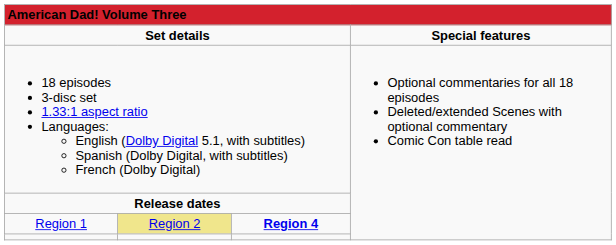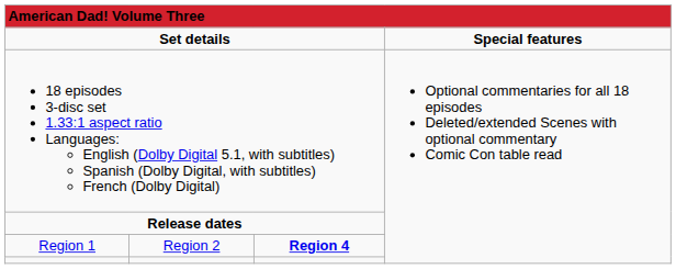 <table class="wikitable" style="font-size: 95%;">
 <tr>
 <td colspan="5" style="background-color: #D3212D;"><strong>American Dad! Volume Three</strong></td>
 </tr>
 <tr valign="top">
 <td align="center" width="300" colspan="3"><strong>Set details</strong></td>
 <td width="300" align="center"><strong>Special features</strong></td>
 </tr>
 <tr valign="top">
 <td colspan="3" align="left" width="400"><br><ul><li>18 episodes</li><li>3-disc set</li><li><a href='#'>1.33:1 aspect ratio</a></li><li>Languages:<ul><li>English (<a href='#'>Dolby Digital</a> 5.1, with subtitles)</li><li>Spanish (Dolby Digital, with subtitles)</li><li>French (Dolby Digital)</li></ul></li></ul></td>
 <td rowspan="4" align="left" width="300"><br><ul><li>Optional commentaries for all 18 episodes</li><li>Deleted/extended Scenes with optional commentary</li><li>Comic Con table read</li></ul></td>
 </tr>
 <tr>
 <td colspan="3" align="center"><strong>Release dates</strong></td>
 </tr>
 <tr>
 <td align="center"><a href='#'>Region 1</a></td>
-<td align="center" style="background: khaki;"><a href='#'>Region 2</a></td>
+<td align="center"><a href='#'>Region 2</a></td>
 <td align="center"><strong><a href='#'>Region 4</a></strong></td>
 </tr>
 <tr>
 <td align="center"></td>
 <td align="center"></td>
 <td align="center"></td>
 </tr>
 </table>
